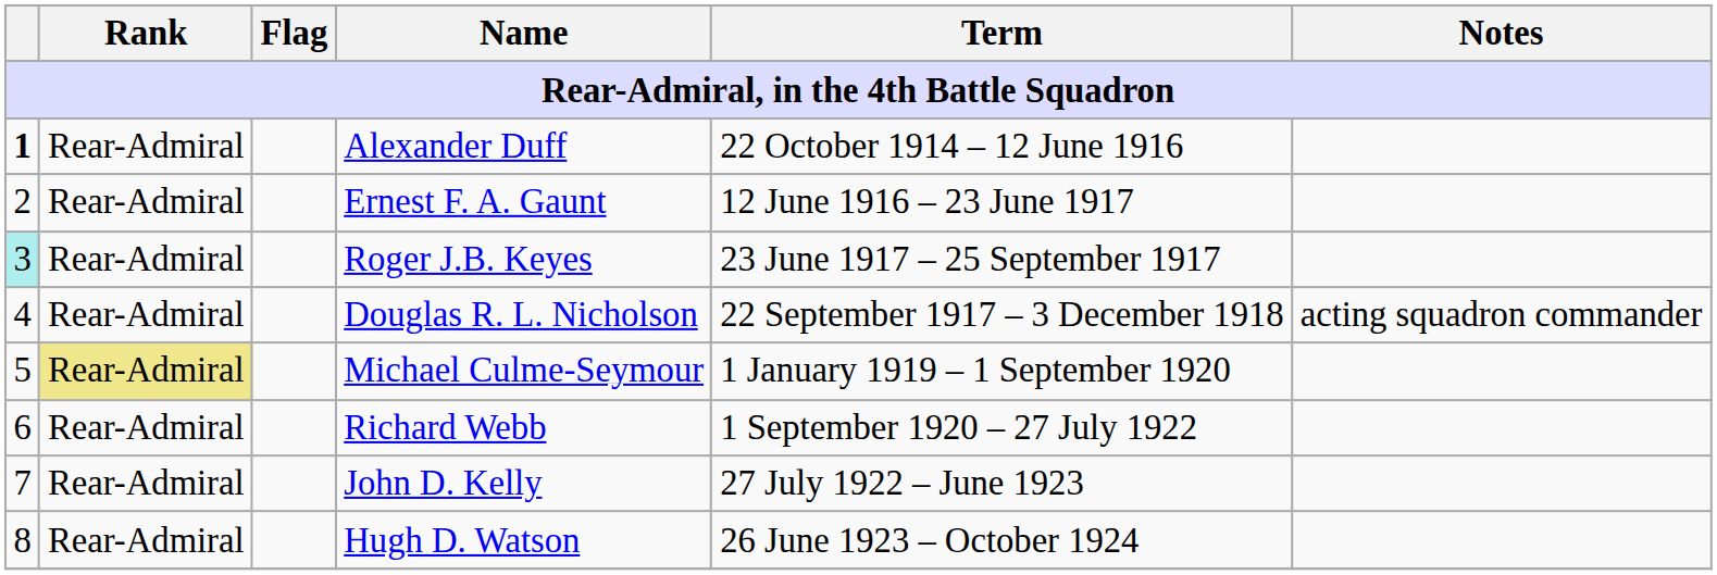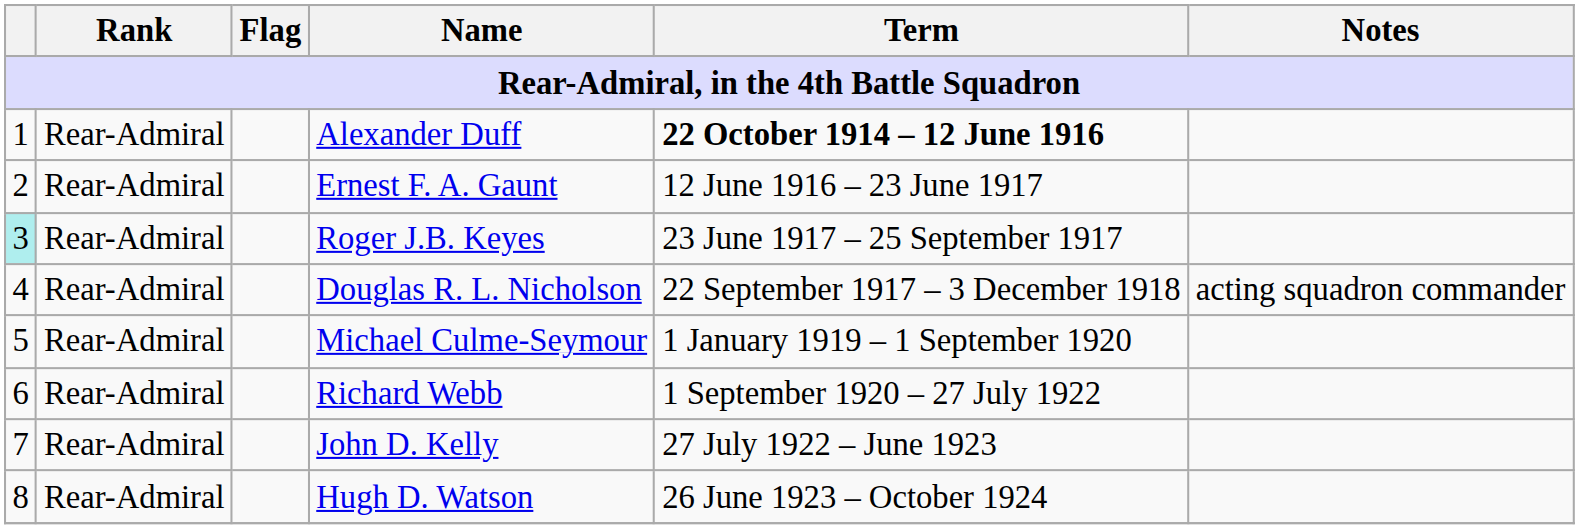 <table class="wikitable">
 <tr>
 <th></th>
 <th>Rank</th>
 <th>Flag</th>
 <th>Name</th>
 <th>Term</th>
 <th>Notes</th>
 </tr>
 <tr>
 <td colspan="6" align="center" style="background:#dcdcfe;"><strong>Rear-Admiral, in the 4th Battle Squadron</strong></td>
 </tr>
 <tr>
-<td><strong>1</strong></td>
+<td>1</td>
 <td>Rear-Admiral</td>
 <td></td>
 <td><a href='#'>Alexander Duff</a></td>
-<td>22 October 1914 – 12 June 1916</td>
+<td><strong>22 October 1914 – 12 June 1916</strong></td>
 <td></td>
 </tr>
 <tr>
 <td>2</td>
 <td>Rear-Admiral</td>
 <td></td>
 <td><a href='#'>Ernest F. A. Gaunt</a></td>
 <td>12 June 1916 – 23 June 1917</td>
 <td></td>
 </tr>
 <tr>
 <td style="background: paleturquoise;">3</td>
 <td>Rear-Admiral</td>
 <td></td>
 <td><a href='#'>Roger J.B. Keyes</a></td>
 <td>23 June 1917 – 25 September 1917</td>
 <td></td>
 </tr>
 <tr>
 <td>4</td>
 <td>Rear-Admiral</td>
 <td></td>
 <td><a href='#'>Douglas R. L. Nicholson</a></td>
 <td>22 September 1917 – 3 December 1918</td>
 <td>acting squadron commander</td>
 </tr>
 <tr>
 <td>5</td>
-<td style="background: khaki;">Rear-Admiral</td>
+<td>Rear-Admiral</td>
 <td></td>
 <td><a href='#'>Michael Culme-Seymour</a></td>
 <td>1 January 1919 – 1 September 1920</td>
 <td></td>
 </tr>
 <tr>
 <td>6</td>
 <td>Rear-Admiral</td>
 <td></td>
 <td><a href='#'>Richard Webb</a></td>
 <td>1 September 1920 – 27 July 1922</td>
 <td></td>
 </tr>
 <tr>
 <td>7</td>
 <td>Rear-Admiral</td>
 <td></td>
 <td><a href='#'>John D. Kelly</a></td>
 <td>27 July 1922 – June 1923</td>
 <td></td>
 </tr>
 <tr>
 <td>8</td>
 <td>Rear-Admiral</td>
 <td></td>
 <td><a href='#'>Hugh D. Watson</a></td>
 <td>26 June 1923 – October 1924</td>
 <td></td>
 </tr>
 <tr>
 </tr>
 </table>
